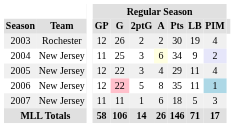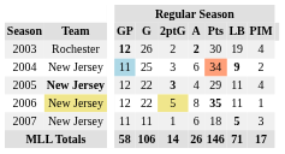 <table BORDER="0" CELLPADDING="3" CELLSPACING="0">
 <tr ALIGN="center" bgcolor="#e0e0e0">
 <th colspan="2" bgcolor="#ffffff"> </th>
 <th rowspan="99" bgcolor="#ffffff"> </th>
 <th colspan="7">Regular Season</th>
 </tr>
 <tr ALIGN="center" bgcolor="#e0e0e0">
 <th>Season</th>
 <th>Team</th>
 <th>GP</th>
 <th>G</th>
 <th>2ptG</th>
 <th>A</th>
 <th>Pts</th>
 <th>LB</th>
 <th>PIM</th>
 <th></th>
 </tr>
 <tr ALIGN="center" bgcolor="#f0f0f0">
 <td>2003</td>
 <td>Rochester</td>
-<td>12</td>
+<td><strong>12</strong></td>
 <td>26</td>
 <td>2</td>
-<td>2</td>
+<td><strong>2</strong></td>
 <td>30</td>
 <td>19</td>
 <td>4</td>
 </tr>
 <tr ALIGN="center">
 <td>2004</td>
 <td>New Jersey</td>
-<td>11</td>
+<td style="background: lightblue;">11</td>
 <td>25</td>
 <td>3</td>
-<td style="background: lightyellow;">6</td>
-<td>34</td>
-<td>9</td>
-<td style="background: lavender;">2</td>
+<td>6</td>
+<td style="background: lightsalmon;">34</td>
+<td><strong>9</strong></td>
+<td>2</td>
 </tr>
 <tr ALIGN="center" bgcolor="#f0f0f0">
 <td>2005</td>
-<td>New Jersey</td>
+<td><strong>New Jersey</strong></td>
 <td>12</td>
 <td>22</td>
-<td>3</td>
+<td><strong>3</strong></td>
 <td>4</td>
 <td>29</td>
 <td>11</td>
 <td>4</td>
 </tr>
 <tr ALIGN="center">
 <td>2006</td>
-<td>New Jersey</td>
+<td style="background: khaki;">New Jersey</td>
 <td>12</td>
-<td style="background: pink;">22</td>
-<td>5</td>
+<td>22</td>
+<td style="background: khaki;">5</td>
 <td>8</td>
-<td>35</td>
+<td><strong>35</strong></td>
 <td>11</td>
-<td style="background: lightblue;">1</td>
+<td>1</td>
 </tr>
 <tr ALIGN="center" bgcolor="#f0f0f0">
 <td>2007</td>
 <td>New Jersey</td>
 <td>11</td>
 <td>11</td>
 <td>1</td>
 <td>6</td>
 <td>18</td>
-<td>5</td>
+<td><strong>5</strong></td>
 <td>3</td>
 </tr>
 <tr ALIGN="center" bgcolor="#e0e0e0">
 <th colspan="2">MLL Totals</th>
 <th>58</th>
 <th>106</th>
 <th>14</th>
 <th>26</th>
 <th>146</th>
 <th>71</th>
 <th>17</th>
 </tr>
 </table>
